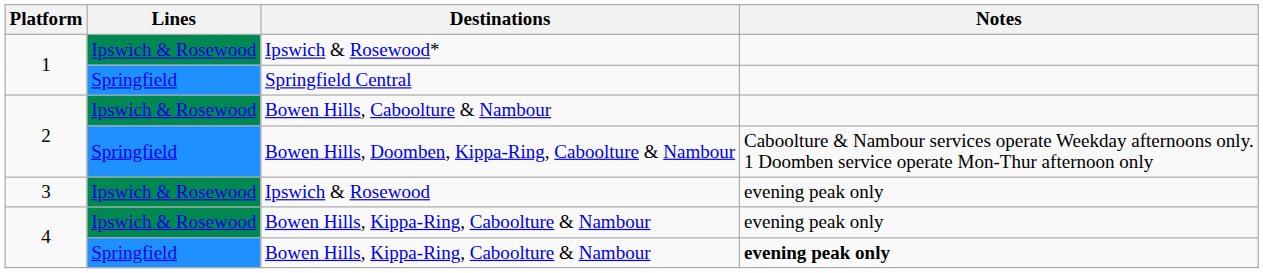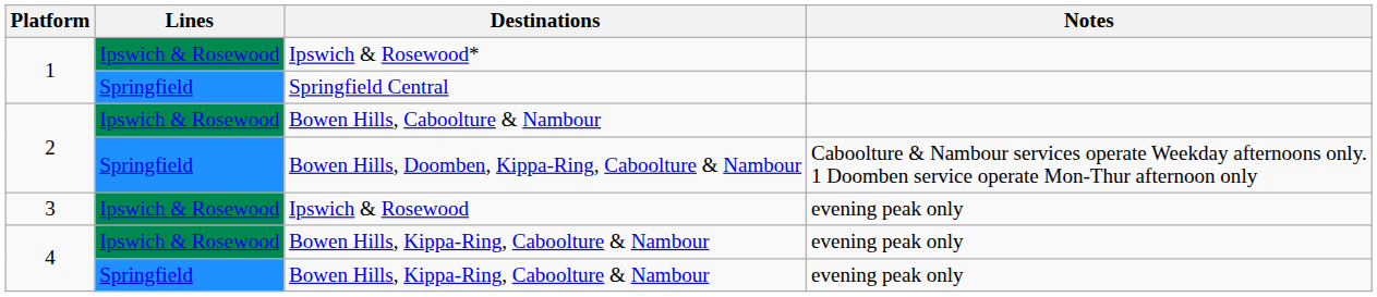 <table class="wikitable" style="float: none; margin: 0.5em; ">
 <tr>
 <th>Platform</th>
 <th>Lines</th>
 <th>Destinations</th>
 <th>Notes</th>
 </tr>
 <tr>
 <td rowspan="2" style="text-align:center;">1</td>
 <td style=background:#008851><a href='#'><span>Ipswich & Rosewood</span></a></td>
 <td><a href='#'>Ipswich</a> & <a href='#'>Rosewood</a>*</td>
 <td></td>
 </tr>
 <tr>
 <td style=background:#1e90ff><a href='#'><span>Springfield</span></a></td>
 <td><a href='#'>Springfield Central</a></td>
 <td></td>
 </tr>
 <tr>
 <td rowspan="2" style="text-align:center;">2</td>
 <td style=background:#008851><a href='#'><span>Ipswich & Rosewood</span></a></td>
 <td><a href='#'>Bowen Hills</a>, <a href='#'>Caboolture</a> & <a href='#'>Nambour</a></td>
 <td></td>
 </tr>
 <tr>
 <td style=background:#1e90ff><a href='#'><span>Springfield</span></a></td>
 <td><a href='#'>Bowen Hills</a>, <a href='#'>Doomben</a>, <a href='#'>Kippa-Ring</a>, <a href='#'>Caboolture</a> & <a href='#'>Nambour</a></td>
 <td>Caboolture & Nambour services operate Weekday afternoons only.<br>1 Doomben service operate Mon-Thur afternoon only</td>
 </tr>
 <tr>
 <td rowspan="1" style="text-align:center;">3</td>
 <td style=background:#008851><a href='#'><span>Ipswich & Rosewood</span></a></td>
 <td><a href='#'>Ipswich</a> & <a href='#'>Rosewood</a></td>
 <td>evening peak only</td>
 </tr>
 <tr>
 <td rowspan="2" style="text-align:center;">4</td>
 <td style=background:#008851><a href='#'><span>Ipswich & Rosewood</span></a></td>
 <td><a href='#'>Bowen Hills</a>, <a href='#'>Kippa-Ring</a>, <a href='#'>Caboolture</a> & <a href='#'>Nambour</a></td>
 <td>evening peak only</td>
 </tr>
 <tr>
 <td style=background:#1e90ff><a href='#'><span>Springfield</span></a></td>
 <td><a href='#'>Bowen Hills</a>, <a href='#'>Kippa-Ring</a>, <a href='#'>Caboolture</a> & <a href='#'>Nambour</a></td>
-<td><strong>evening peak only</strong></td>
+<td>evening peak only</td>
 </tr>
 </table>
